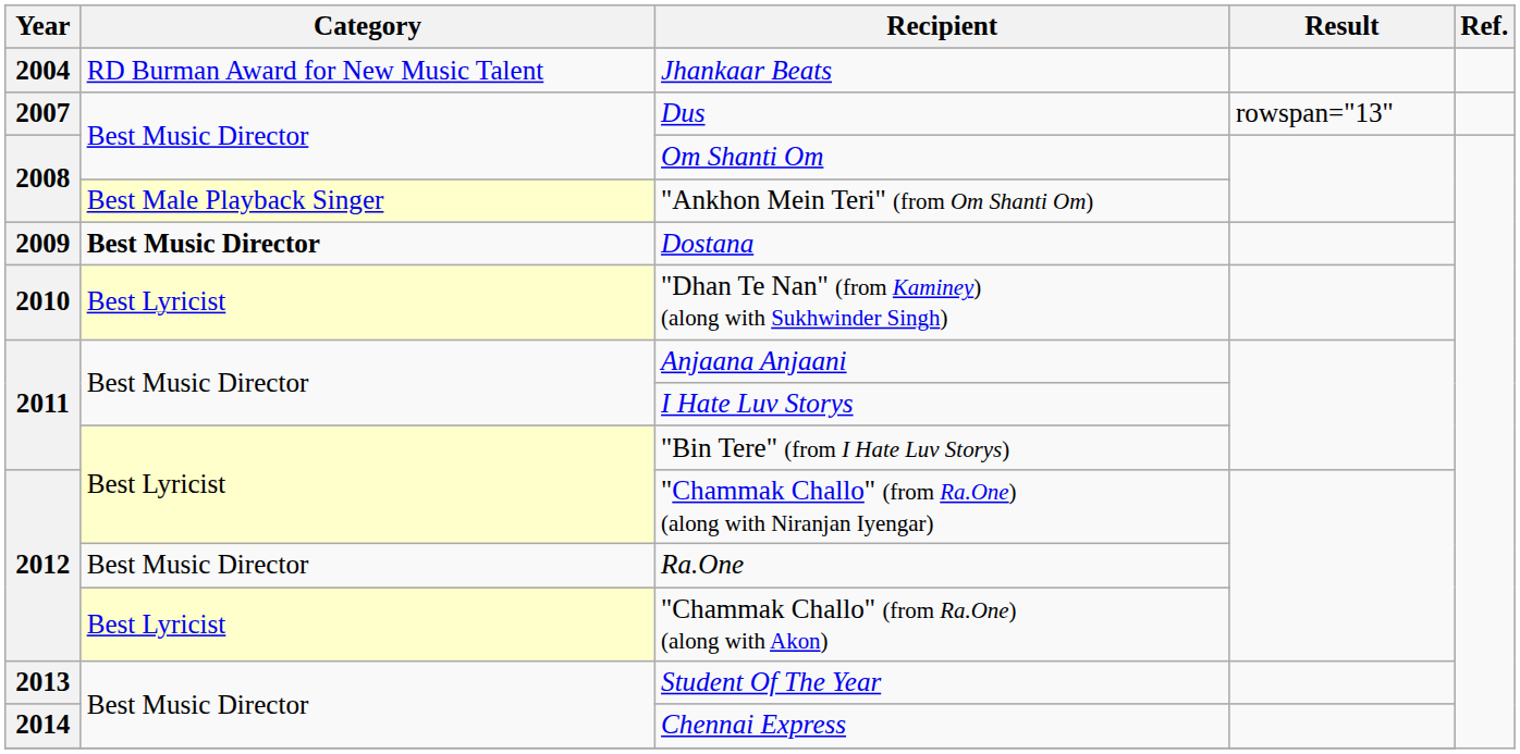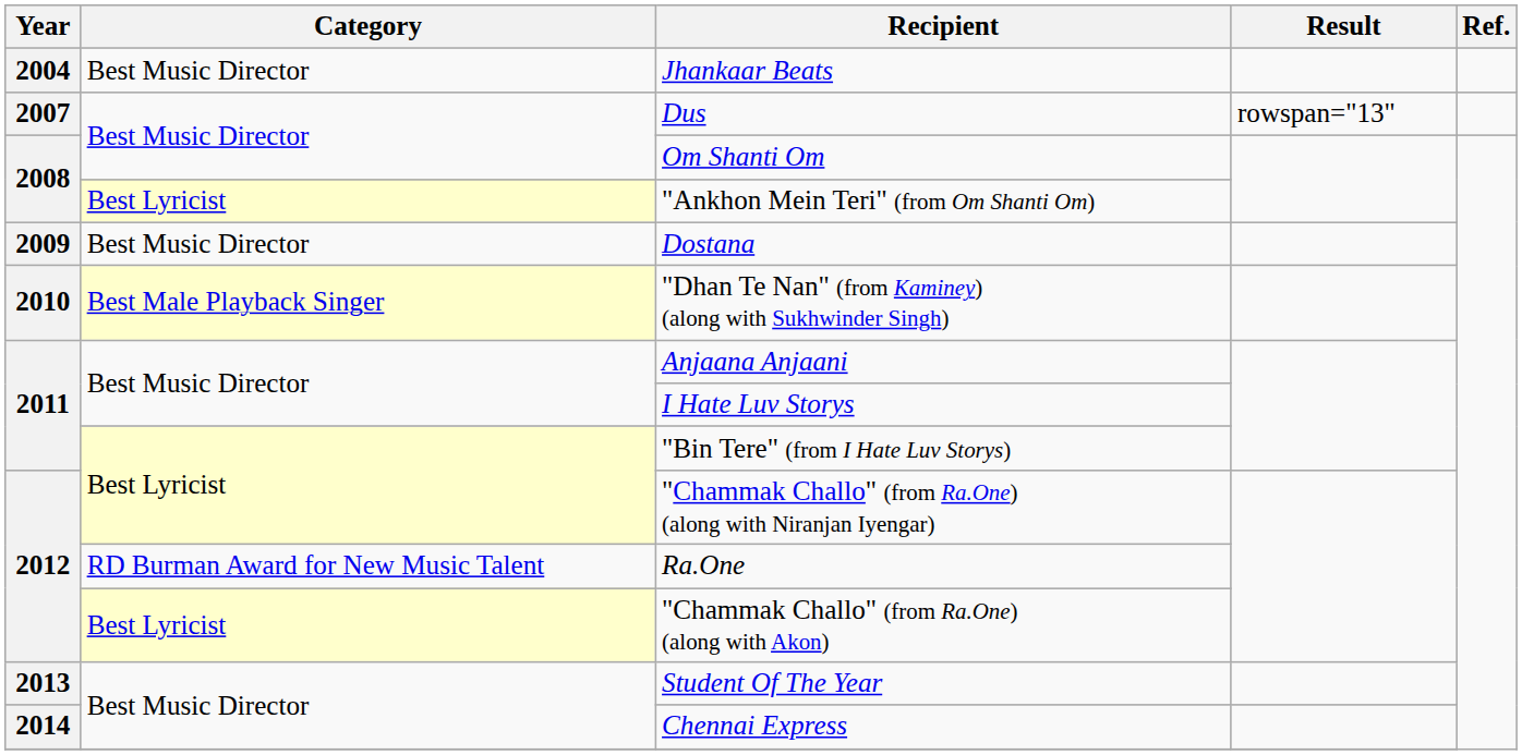 <table class="wikitable plainrowheaders" width="100%" "textcolor:#000;">
 <tr>
 <th scope="col" width=5%>Year</th>
 <th scope="col" width=39%>Category</th>
 <th scope="col" width=39%>Recipient</th>
 <th scope="col" width=15%>Result</th>
 <th scope="col" width=2%>Ref.</th>
 </tr>
 <tr>
 <th scope="row">2004</th>
-<td><a href='#'>RD Burman Award for New Music Talent</a></td>
+<td>Best Music Director</td>
 <td><em><a href='#'>Jhankaar Beats</a></em></td>
 <td></td>
 <td></td>
 </tr>
 <tr>
 <th scope="row">2007</th>
 <td rowspan="2"><a href='#'>Best Music Director</a></td>
 <td><em><a href='#'>Dus</a></em></td>
 <td>rowspan="13" </td>
 <td></td>
 </tr>
 <tr>
 <th scope="row" rowspan="2">2008</th>
 <td><em><a href='#'>Om Shanti Om</a></em></td>
 <td rowspan="2"></td>
 </tr>
 <tr>
-<td style="background:#FFFFCC;"><a href='#'>Best Male Playback Singer</a></td>
+<td style="background:#FFFFCC;"><a href='#'>Best Lyricist</a></td>
 <td>"Ankhon Mein Teri" <small>(from <em>Om Shanti Om</em>)</small></td>
 </tr>
 <tr>
 <th scope="row">2009</th>
-<td><strong>Best Music Director</strong></td>
+<td>Best Music Director</td>
 <td><em><a href='#'>Dostana</a></em></td>
 <td></td>
 </tr>
 <tr>
 <th scope="row">2010</th>
-<td style="background:#FFFFCC;"><a href='#'>Best Lyricist</a></td>
+<td style="background:#FFFFCC;"><a href='#'>Best Male Playback Singer</a></td>
 <td>"Dhan Te Nan" <small>(from <em><a href='#'>Kaminey</a></em>)</small><br><small>(along with <a href='#'>Sukhwinder Singh</a>)</small></td>
 <td></td>
 </tr>
 <tr>
 <th scope="row" rowspan="3">2011</th>
 <td rowspan="2">Best Music Director</td>
 <td><em><a href='#'>Anjaana Anjaani</a></em></td>
 <td rowspan="3"></td>
 </tr>
 <tr>
 <td><em><a href='#'>I Hate Luv Storys</a></em></td>
 </tr>
 <tr>
 <td style="background:#FFFFCC;" rowspan="2">Best Lyricist</td>
 <td>"Bin Tere" <small>(from <em>I Hate Luv Storys</em>)</small></td>
 </tr>
 <tr>
 <th scope="row" rowspan="3">2012</th>
 <td>"<a href='#'>Chammak Challo</a>" <small>(from <em><a href='#'>Ra.One</a></em>)</small><br><small>(along with Niranjan Iyengar)</small></td>
 <td rowspan="3"></td>
 </tr>
 <tr>
-<td>Best Music Director</td>
+<td><a href='#'>RD Burman Award for New Music Talent</a></td>
 <td><em>Ra.One</em></td>
 </tr>
 <tr>
 <td style="background:#FFFFCC;"><a href='#'>Best Lyricist</a></td>
 <td>"Chammak Challo" <small>(from <em>Ra.One</em>)</small><br><small>(along with <a href='#'>Akon</a>)</small></td>
 </tr>
 <tr>
 <th scope="row">2013</th>
 <td rowspan="2">Best Music Director</td>
 <td><em><a href='#'>Student Of The Year</a></em></td>
 <td></td>
 </tr>
 <tr>
 <th scope="row">2014</th>
 <td><em><a href='#'>Chennai Express</a></em></td>
 <td></td>
 </tr>
 <tr>
 </tr>
 </table>
